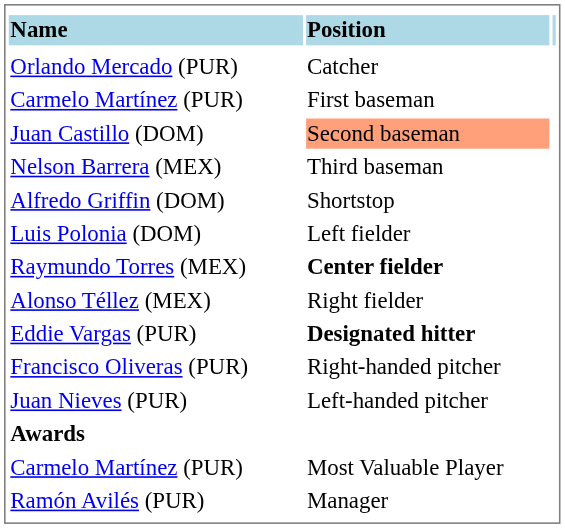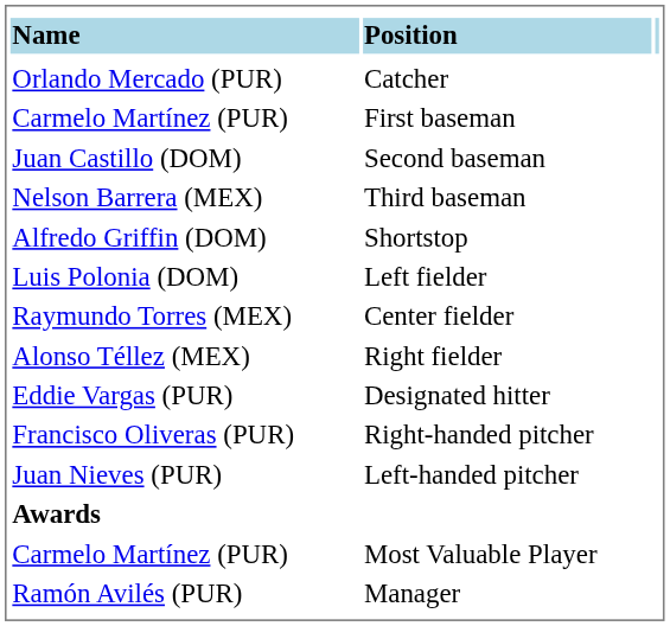 <table cellpadding="1" width="350px" style="font-size: 90%; border: 1px solid gray;">
 <tr align="center" style="font-size: larger;">
 <td colspan=6></td>
 </tr>
 <tr style="background:lightblue;">
 <td><strong>Name</strong></td>
 <td><strong>Position</strong></td>
 <td></td>
 </tr>
 <tr align="center" style="vertical-align: middle;" style="background:lightblue;">
 </tr>
 <tr>
 <td><a href='#'>Orlando Mercado</a> (PUR)</td>
 <td>Catcher</td>
 </tr>
 <tr>
 <td><a href='#'>Carmelo Martínez</a> (PUR)</td>
 <td>First baseman</td>
 </tr>
 <tr>
 <td><a href='#'>Juan Castillo</a> (DOM)</td>
-<td style="background: lightsalmon;">Second baseman</td>
+<td>Second baseman</td>
 </tr>
 <tr>
 <td><a href='#'>Nelson Barrera</a> (MEX)</td>
 <td>Third baseman</td>
 </tr>
 <tr>
 <td><a href='#'>Alfredo Griffin</a> (DOM)</td>
 <td>Shortstop</td>
 </tr>
 <tr>
 <td><a href='#'>Luis Polonia</a> (DOM)</td>
 <td>Left fielder</td>
 </tr>
 <tr>
 <td><a href='#'>Raymundo Torres</a> (MEX)</td>
-<td><strong>Center fielder</strong></td>
+<td>Center fielder</td>
 </tr>
 <tr>
 <td><a href='#'>Alonso Téllez</a> (MEX)</td>
 <td>Right fielder</td>
 </tr>
 <tr>
 <td><a href='#'>Eddie Vargas</a> (PUR)</td>
-<td><strong>Designated hitter</strong></td>
+<td>Designated hitter</td>
 </tr>
 <tr>
 <td><a href='#'>Francisco Oliveras</a> (PUR)</td>
 <td>Right-handed pitcher</td>
 </tr>
 <tr>
 <td><a href='#'>Juan Nieves</a> (PUR)</td>
 <td>Left-handed pitcher</td>
 </tr>
 <tr>
 <td><strong>Awards</strong></td>
 </tr>
 <tr>
 <td><a href='#'>Carmelo Martínez</a> (PUR)</td>
 <td>Most Valuable Player</td>
 </tr>
 <tr>
 <td><a href='#'>Ramón Avilés</a> (PUR)</td>
 <td>Manager</td>
 </tr>
 <tr>
 </tr>
 </table>
